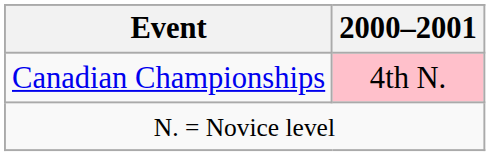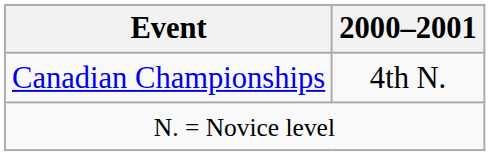 <table class="wikitable" style="text-align:center">
 <tr>
 <th>Event</th>
 <th>2000–2001</th>
 </tr>
 <tr>
 <td align=left><a href='#'>Canadian Championships</a></td>
-<td style="background: pink;">4th N.</td>
+<td>4th N.</td>
 </tr>
 <tr>
 <td colspan=2 align=center><small> N. = Novice level </small></td>
 </tr>
 </table>
